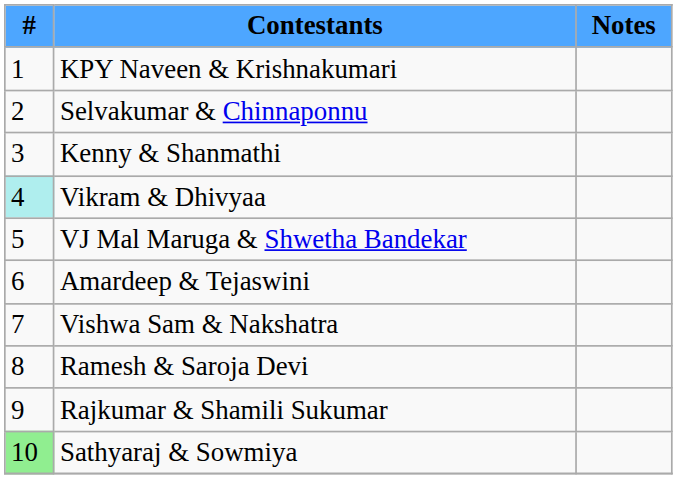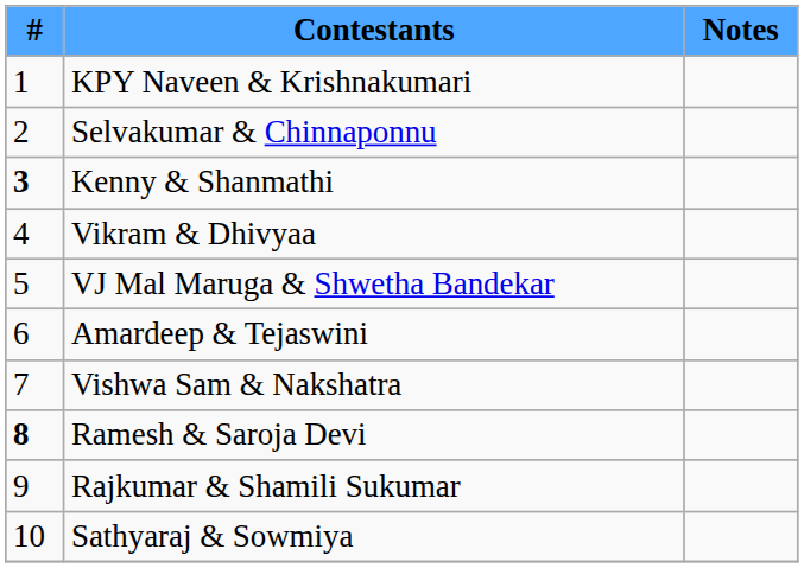 <table class="wikitable" width="45%">
 <tr>
 <th scope="col" style ="background: #4da6ff;"style="background: #284D68 ;color:white">#</th>
 <th scope="col" style ="background: #4da6ff;"style="background: #284D68 ;color:white">Contestants</th>
 <th scope="col" style ="background: #4da6ff;"style="background: #284D68 ;color:white">Notes</th>
 </tr>
 <tr>
 <td>1</td>
 <td>KPY Naveen & Krishnakumari</td>
 <td></td>
 </tr>
 <tr>
 <td>2</td>
 <td>Selvakumar & <a href='#'>Chinnaponnu</a></td>
 <td></td>
 </tr>
 <tr>
-<td>3</td>
+<td><strong>3</strong></td>
 <td>Kenny & Shanmathi</td>
 <td></td>
 </tr>
 <tr>
-<td style="background: paleturquoise;">4</td>
+<td>4</td>
 <td>Vikram & Dhivyaa</td>
 <td></td>
 </tr>
 <tr>
 <td>5</td>
 <td>VJ Mal Maruga & <a href='#'>Shwetha Bandekar</a></td>
 <td></td>
 </tr>
 <tr>
 <td>6</td>
 <td>Amardeep & Tejaswini</td>
 <td></td>
 </tr>
 <tr>
 <td>7</td>
 <td>Vishwa Sam & Nakshatra</td>
 <td></td>
 </tr>
 <tr>
-<td>8</td>
+<td><strong>8</strong></td>
 <td>Ramesh & Saroja Devi</td>
 <td></td>
 </tr>
 <tr>
 <td>9</td>
 <td>Rajkumar & Shamili Sukumar</td>
 <td></td>
 </tr>
 <tr>
-<td style="background: lightgreen;">10</td>
+<td>10</td>
 <td>Sathyaraj & Sowmiya</td>
 <td></td>
 </tr>
 <tr>
 </tr>
 </table>
